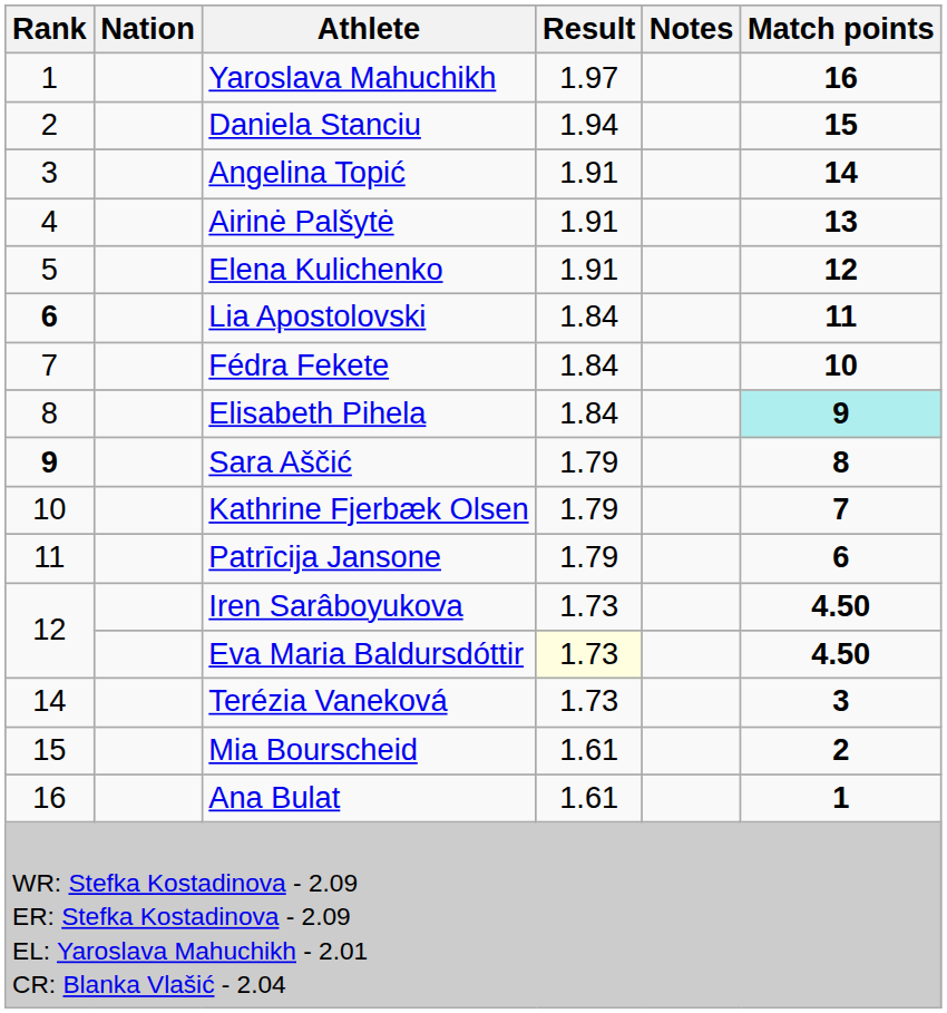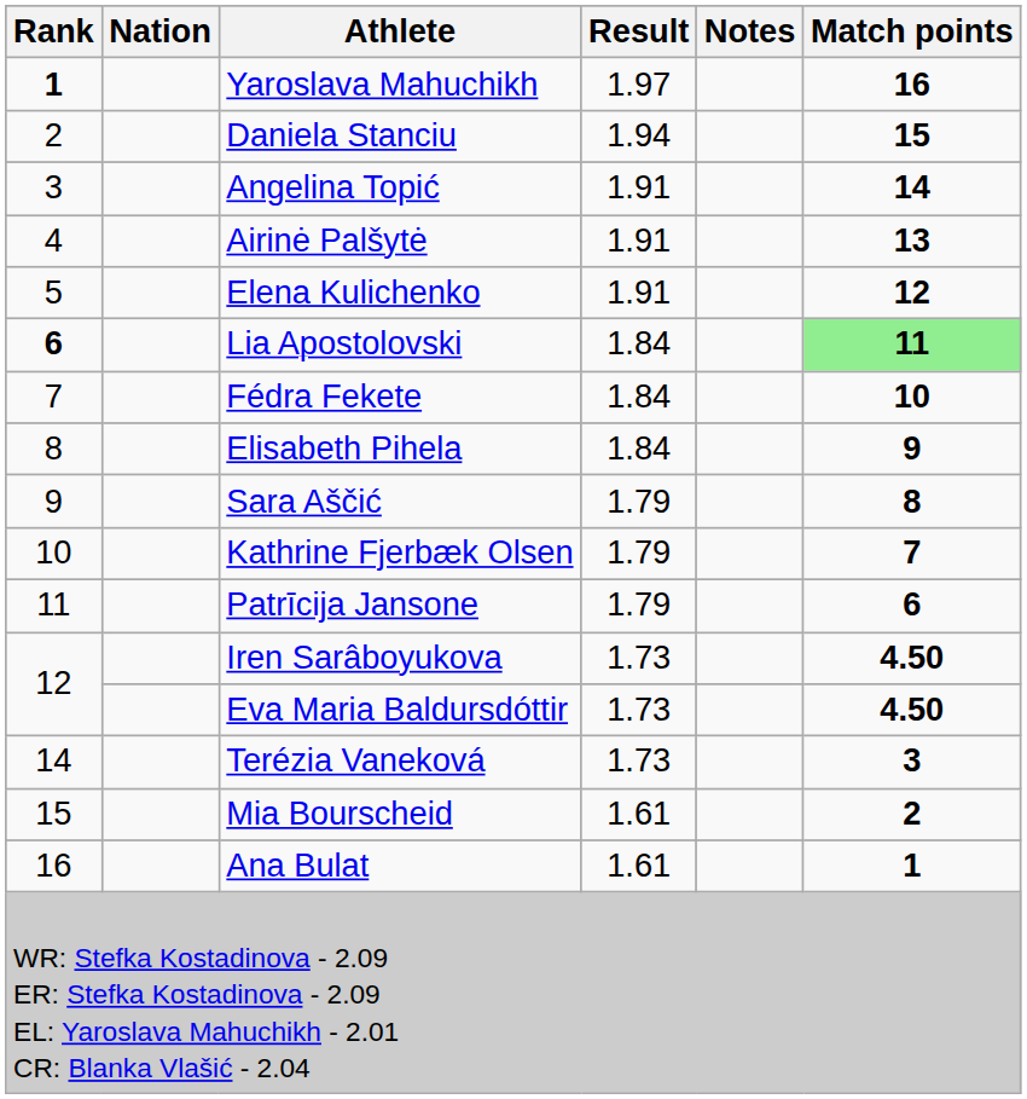 <table class="wikitable sortable" style="text-align:left;">
 <tr>
 <th>Rank</th>
 <th>Nation</th>
 <th>Athlete</th>
 <th>Result</th>
 <th>Notes</th>
 <th>Match points</th>
 </tr>
 <tr>
-<td align=center>1</td>
+<td align=center><strong>1</strong></td>
 <td></td>
 <td><a href='#'>Yaroslava Mahuchikh</a></td>
 <td align=center>1.97</td>
 <td></td>
 <td align=center><strong>16</strong></td>
 </tr>
 <tr>
 <td align=center>2</td>
 <td></td>
 <td><a href='#'>Daniela Stanciu</a></td>
 <td align=center>1.94</td>
 <td></td>
 <td align=center><strong>15</strong></td>
 </tr>
 <tr>
 <td align=center>3</td>
 <td></td>
 <td><a href='#'>Angelina Topić</a></td>
 <td align=center>1.91</td>
 <td></td>
 <td align=center><strong>14</strong></td>
 </tr>
 <tr>
 <td align=center>4</td>
 <td></td>
 <td><a href='#'>Airinė Palšytė</a></td>
 <td align=center>1.91</td>
 <td align=center></td>
 <td align=center><strong>13</strong></td>
 </tr>
 <tr>
 <td align=center>5</td>
 <td></td>
 <td><a href='#'>Elena Kulichenko</a></td>
 <td align=center>1.91</td>
 <td></td>
 <td align=center><strong>12</strong></td>
 </tr>
 <tr>
 <td align=center><strong>6</strong></td>
 <td></td>
 <td><a href='#'>Lia Apostolovski</a></td>
 <td align=center>1.84</td>
 <td></td>
-<td align=center><strong>11</strong></td>
+<td align=center style="background: lightgreen;"><strong>11</strong></td>
 </tr>
 <tr>
 <td align=center>7</td>
 <td></td>
 <td><a href='#'>Fédra Fekete</a></td>
 <td align=center>1.84</td>
 <td></td>
 <td align=center><strong>10</strong></td>
 </tr>
 <tr>
 <td align=center>8</td>
 <td></td>
 <td><a href='#'>Elisabeth Pihela</a></td>
 <td align=center>1.84</td>
 <td></td>
-<td align=center style="background: paleturquoise;"><strong>9</strong></td>
+<td align=center><strong>9</strong></td>
 </tr>
 <tr>
-<td align=center><strong>9</strong></td>
+<td align=center>9</td>
 <td></td>
 <td><a href='#'>Sara Aščić</a></td>
 <td align=center>1.79</td>
 <td></td>
 <td align=center><strong>8</strong></td>
 </tr>
 <tr>
 <td align=center>10</td>
 <td></td>
 <td><a href='#'>Kathrine Fjerbæk Olsen</a></td>
 <td align=center>1.79</td>
 <td align=center></td>
 <td align=center><strong>7</strong></td>
 </tr>
 <tr>
 <td align=center>11</td>
 <td></td>
 <td><a href='#'>Patrīcija Jansone</a></td>
 <td align=center>1.79</td>
 <td></td>
 <td align=center><strong>6</strong></td>
 </tr>
 <tr>
 <td rowspan=2 align=center>12</td>
 <td></td>
 <td><a href='#'>Iren Sarâboyukova</a></td>
 <td align=center>1.73</td>
 <td></td>
 <td align=center><strong>4.50</strong></td>
 </tr>
 <tr>
 <td></td>
 <td><a href='#'>Eva Maria Baldursdóttir</a></td>
-<td align=center style="background: lightyellow;">1.73</td>
+<td align=center>1.73</td>
 <td></td>
 <td align=center><strong>4.50</strong></td>
 </tr>
 <tr>
 <td align=center>14</td>
 <td></td>
 <td><a href='#'>Terézia Vaneková</a></td>
 <td align=center>1.73</td>
 <td align=center></td>
 <td align=center><strong>3</strong></td>
 </tr>
 <tr>
 <td align=center>15</td>
 <td></td>
 <td><a href='#'>Mia Bourscheid</a></td>
 <td align=center>1.61</td>
 <td></td>
 <td align=center><strong>2</strong></td>
 </tr>
 <tr>
 <td align=center>16</td>
 <td></td>
 <td><a href='#'>Ana Bulat</a></td>
 <td align=center>1.61</td>
 <td align=center></td>
 <td align=center><strong>1</strong></td>
 </tr>
 <tr>
 <td colspan="6" bgcolor="#cccccc"><br> <small>WR:   <a href='#'>Stefka Kostadinova</a> - 2.09<br>ER:  <a href='#'>Stefka Kostadinova</a> - 2.09<br></small> <small>EL:   <a href='#'>Yaroslava Mahuchikh</a> - 2.01<br>CR:  <a href='#'>Blanka Vlašić</a> - 2.04</small></td>
 </tr>
 </table>
